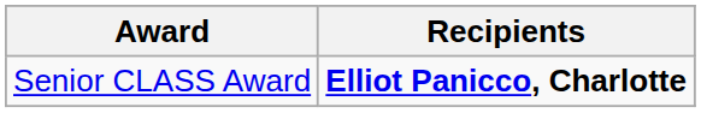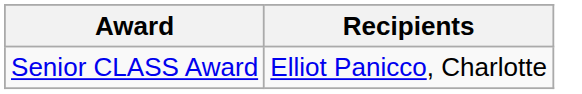 <table class="wikitable" style="white-space:nowrap; font-size:90%;">
 <tr>
 <th>Award</th>
 <th>Recipients</th>
 </tr>
 <tr>
 <td><a href='#'>Senior CLASS Award</a></td>
-<td><strong><a href='#'>Elliot Panicco</a>, Charlotte</strong></td>
+<td><a href='#'>Elliot Panicco</a>, Charlotte</td>
 </tr>
 </table>
